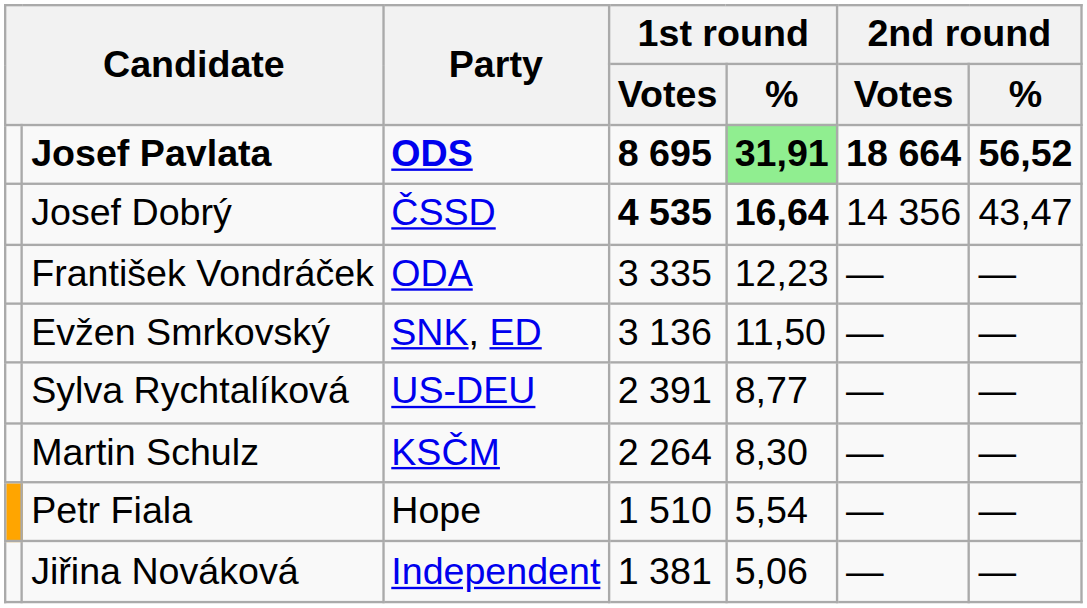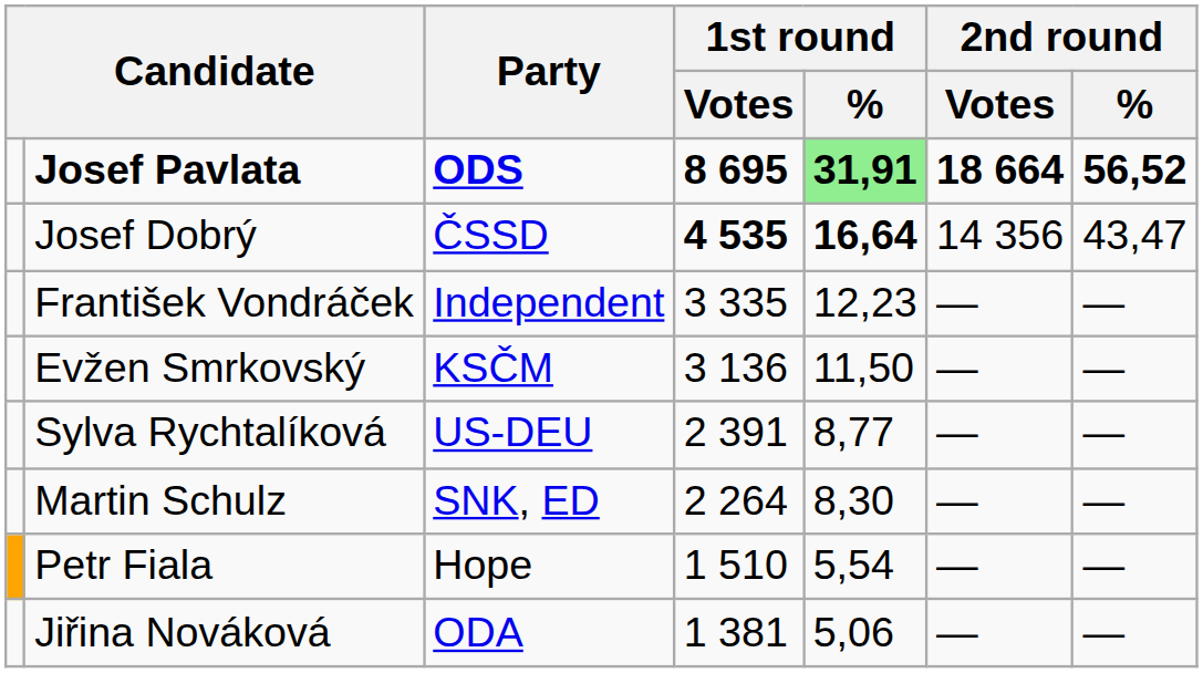 <table class="wikitable sortable">
 <tr>
 <th colspan="2" rowspan="2">Candidate</th>
 <th rowspan="2">Party</th>
 <th colspan="2">1st round</th>
 <th colspan="2">2nd round</th>
 </tr>
 <tr>
 <th>Votes</th>
 <th>%</th>
 <th>Votes</th>
 <th>%</th>
 </tr>
 <tr>
 <td style="background-color:"></td>
 <td><strong>Josef Pavlata</strong></td>
 <td><a href='#'><strong>ODS</strong></a></td>
 <td><strong>8 695</strong></td>
 <td style="background: lightgreen;"><strong>31,91</strong></td>
 <td><strong>18 664</strong></td>
 <td><strong>56,52</strong></td>
 </tr>
 <tr>
 <td style="background-color:"></td>
 <td>Josef Dobrý</td>
 <td><a href='#'>ČSSD</a></td>
 <td><strong>4 535</strong></td>
 <td><strong>16,64</strong></td>
 <td>14 356</td>
 <td>43,47</td>
 </tr>
 <tr>
 <td style="background-color:"></td>
 <td>František Vondráček</td>
-<td><a href='#'>ODA</a></td>
+<td><a href='#'>Independent</a></td>
 <td>3 335</td>
 <td>12,23</td>
 <td>—</td>
 <td>—</td>
 </tr>
 <tr>
 <td style="background-color:"></td>
 <td>Evžen Smrkovský</td>
-<td><a href='#'>SNK</a>, <a href='#'>ED</a></td>
+<td><a href='#'>KSČM</a></td>
 <td>3 136</td>
 <td>11,50</td>
 <td>—</td>
 <td>—</td>
 </tr>
 <tr>
 <td style="background-color:"></td>
 <td>Sylva Rychtalíková</td>
 <td><a href='#'>US-DEU</a></td>
 <td>2 391</td>
 <td>8,77</td>
 <td>—</td>
 <td>—</td>
 </tr>
 <tr>
 <td style="background-color:"></td>
 <td>Martin Schulz</td>
-<td><a href='#'>KSČM</a></td>
+<td><a href='#'>SNK</a>, <a href='#'>ED</a></td>
 <td>2 264</td>
 <td>8,30</td>
 <td>—</td>
 <td>—</td>
 </tr>
 <tr>
 <td style="background-color:orange"></td>
 <td>Petr Fiala</td>
 <td>Hope</td>
 <td>1 510</td>
 <td>5,54</td>
 <td>—</td>
 <td>—</td>
 </tr>
 <tr>
 <td style="background-color:"></td>
 <td>Jiřina Nováková</td>
-<td><a href='#'>Independent</a></td>
+<td><a href='#'>ODA</a></td>
 <td>1 381</td>
 <td>5,06</td>
 <td>—</td>
 <td>—</td>
 </tr>
 </table>
